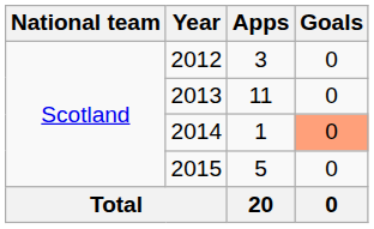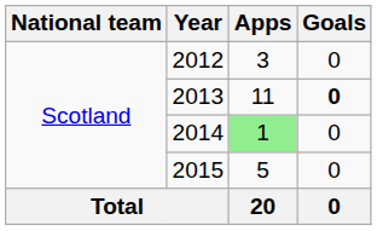 <table class="wikitable" style="text-align:center">
 <tr>
 <th>National team</th>
 <th>Year</th>
 <th>Apps</th>
 <th>Goals</th>
 </tr>
 <tr>
 <td rowspan="4"><a href='#'>Scotland</a></td>
 <td>2012</td>
 <td>3</td>
 <td>0</td>
 </tr>
 <tr>
 <td>2013</td>
 <td>11</td>
-<td>0</td>
+<td><strong>0</strong></td>
 </tr>
 <tr>
 <td>2014</td>
-<td>1</td>
-<td style="background: lightsalmon;">0</td>
+<td style="background: lightgreen;">1</td>
+<td>0</td>
 </tr>
 <tr>
 <td>2015</td>
 <td>5</td>
 <td>0</td>
 </tr>
 <tr>
 <th colspan=2>Total</th>
 <th>20</th>
 <th>0</th>
 </tr>
 </table>
